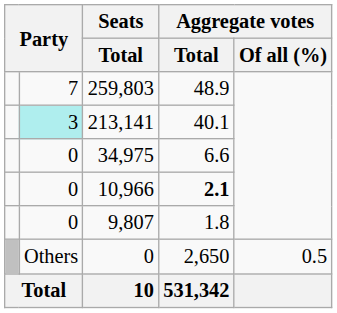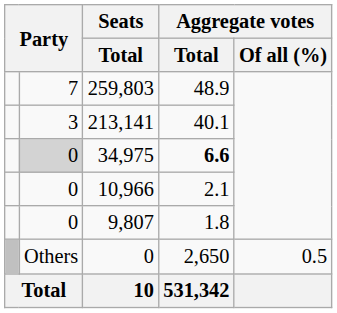 <table class="wikitable" style="text-align:right; font-size:95%;">
 <tr>
 <th colspan="2" rowspan="2">Party</th>
 <th>Seats</th>
 <th colspan="2">Aggregate votes</th>
 </tr>
 <tr>
 <th>Total</th>
 <th>Total</th>
 <th>Of all (%)</th>
 </tr>
 <tr>
 <td></td>
 <td>7</td>
 <td>259,803</td>
 <td>48.9</td>
 </tr>
 <tr>
 <td></td>
-<td style="background: paleturquoise;">3</td>
+<td>3</td>
 <td>213,141</td>
 <td>40.1</td>
 </tr>
 <tr>
 <td></td>
-<td>0</td>
+<td style="background: lightgrey;">0</td>
 <td>34,975</td>
-<td>6.6</td>
+<td><strong>6.6</strong></td>
 </tr>
 <tr>
 <td></td>
 <td>0</td>
 <td>10,966</td>
-<td><strong>2.1</strong></td>
+<td>2.1</td>
 </tr>
 <tr>
 <td></td>
 <td>0</td>
 <td>9,807</td>
 <td>1.8</td>
 </tr>
 <tr>
 <td style="background:silver;"> </td>
 <td align=left>Others</td>
 <td>0</td>
 <td>2,650</td>
 <td>0.5</td>
 </tr>
 <tr>
 <th colspan="2" style="background:#f2f2f2"><strong>Total</strong></th>
 <td style="background:#f2f2f2;"><strong>10</strong></td>
 <td style="background:#f2f2f2;"><strong>531,342</strong></td>
 <td style="background:#f2f2f2;"></td>
 </tr>
 </table>
